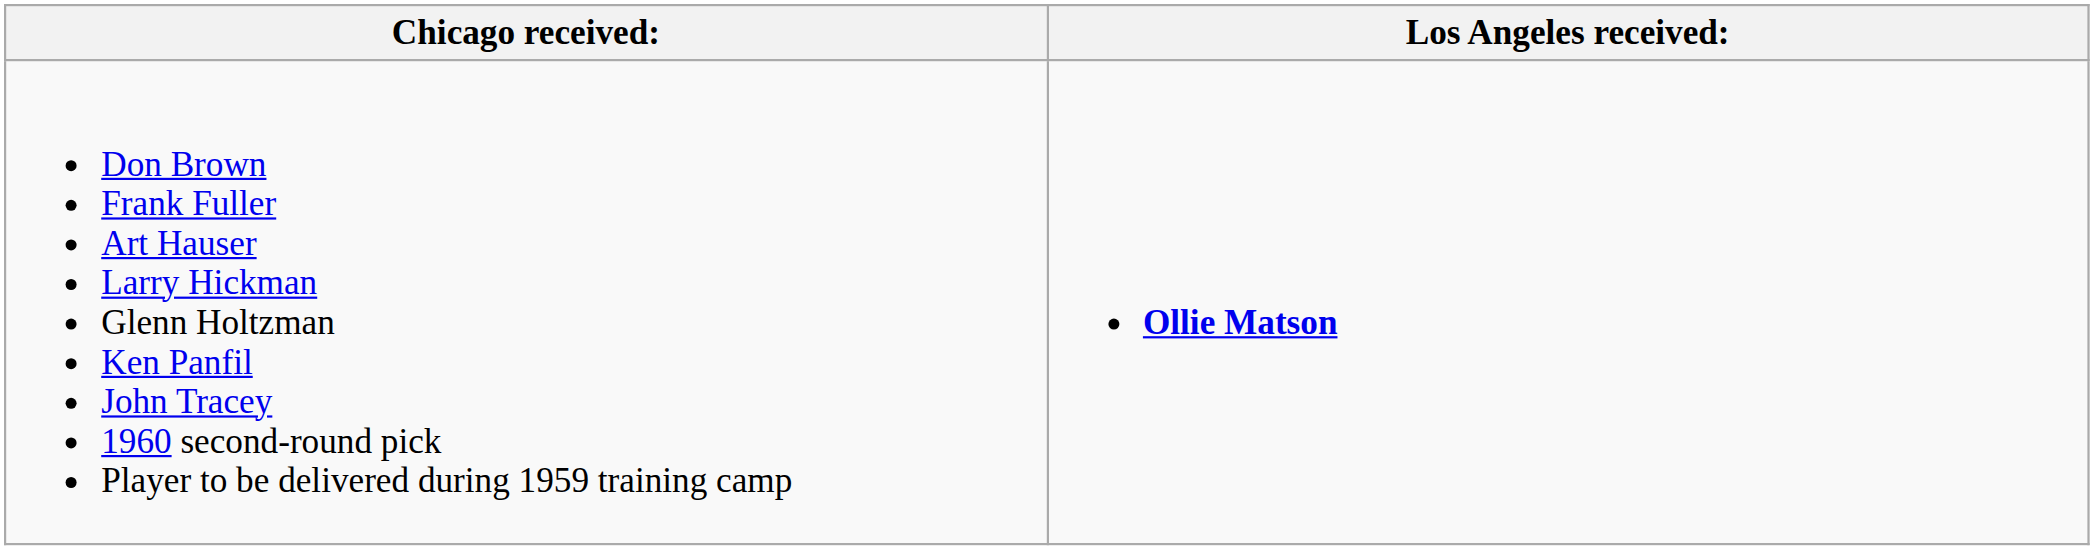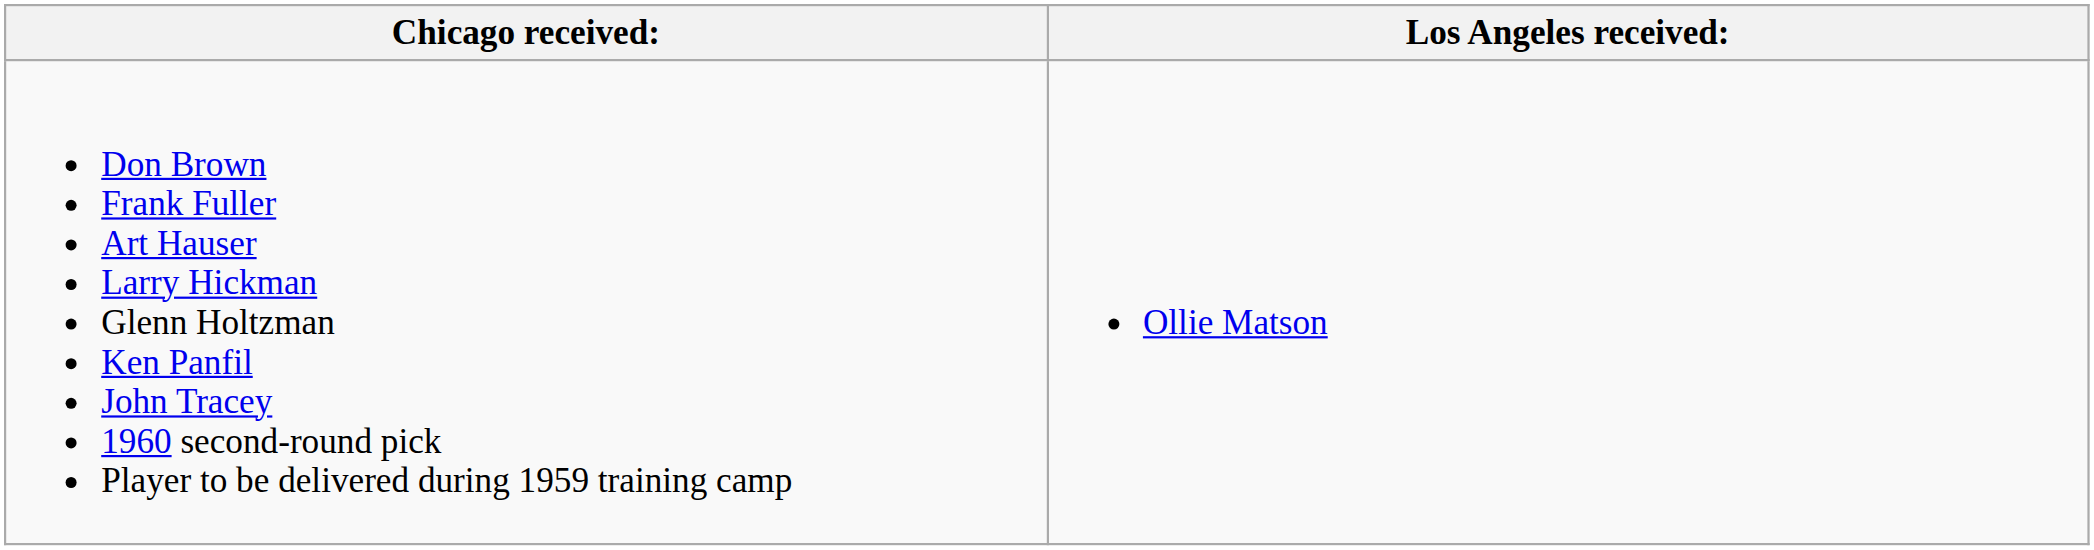 <table class="wikitable" style="width:75%;">
 <tr>
 <th style="width:50%;">Chicago received:</th>
 <th style="width:50%;">Los Angeles received:</th>
 </tr>
 <tr>
 <td><br><ul><li> <a href='#'>Don Brown</a></li><li> <a href='#'>Frank Fuller</a></li><li> <a href='#'>Art Hauser</a></li><li> <a href='#'>Larry Hickman</a></li><li> Glenn Holtzman</li><li> <a href='#'>Ken Panfil</a></li><li> <a href='#'>John Tracey</a></li><li><a href='#'>1960</a> second-round pick </li><li>Player to be delivered during 1959 training camp</li></ul></td>
-<td><strong><br><ul><li> <a href='#'>Ollie Matson</a></li></ul></strong></td>
+<td><br><ul><li> <a href='#'>Ollie Matson</a></li></ul></td>
 </tr>
 </table>
